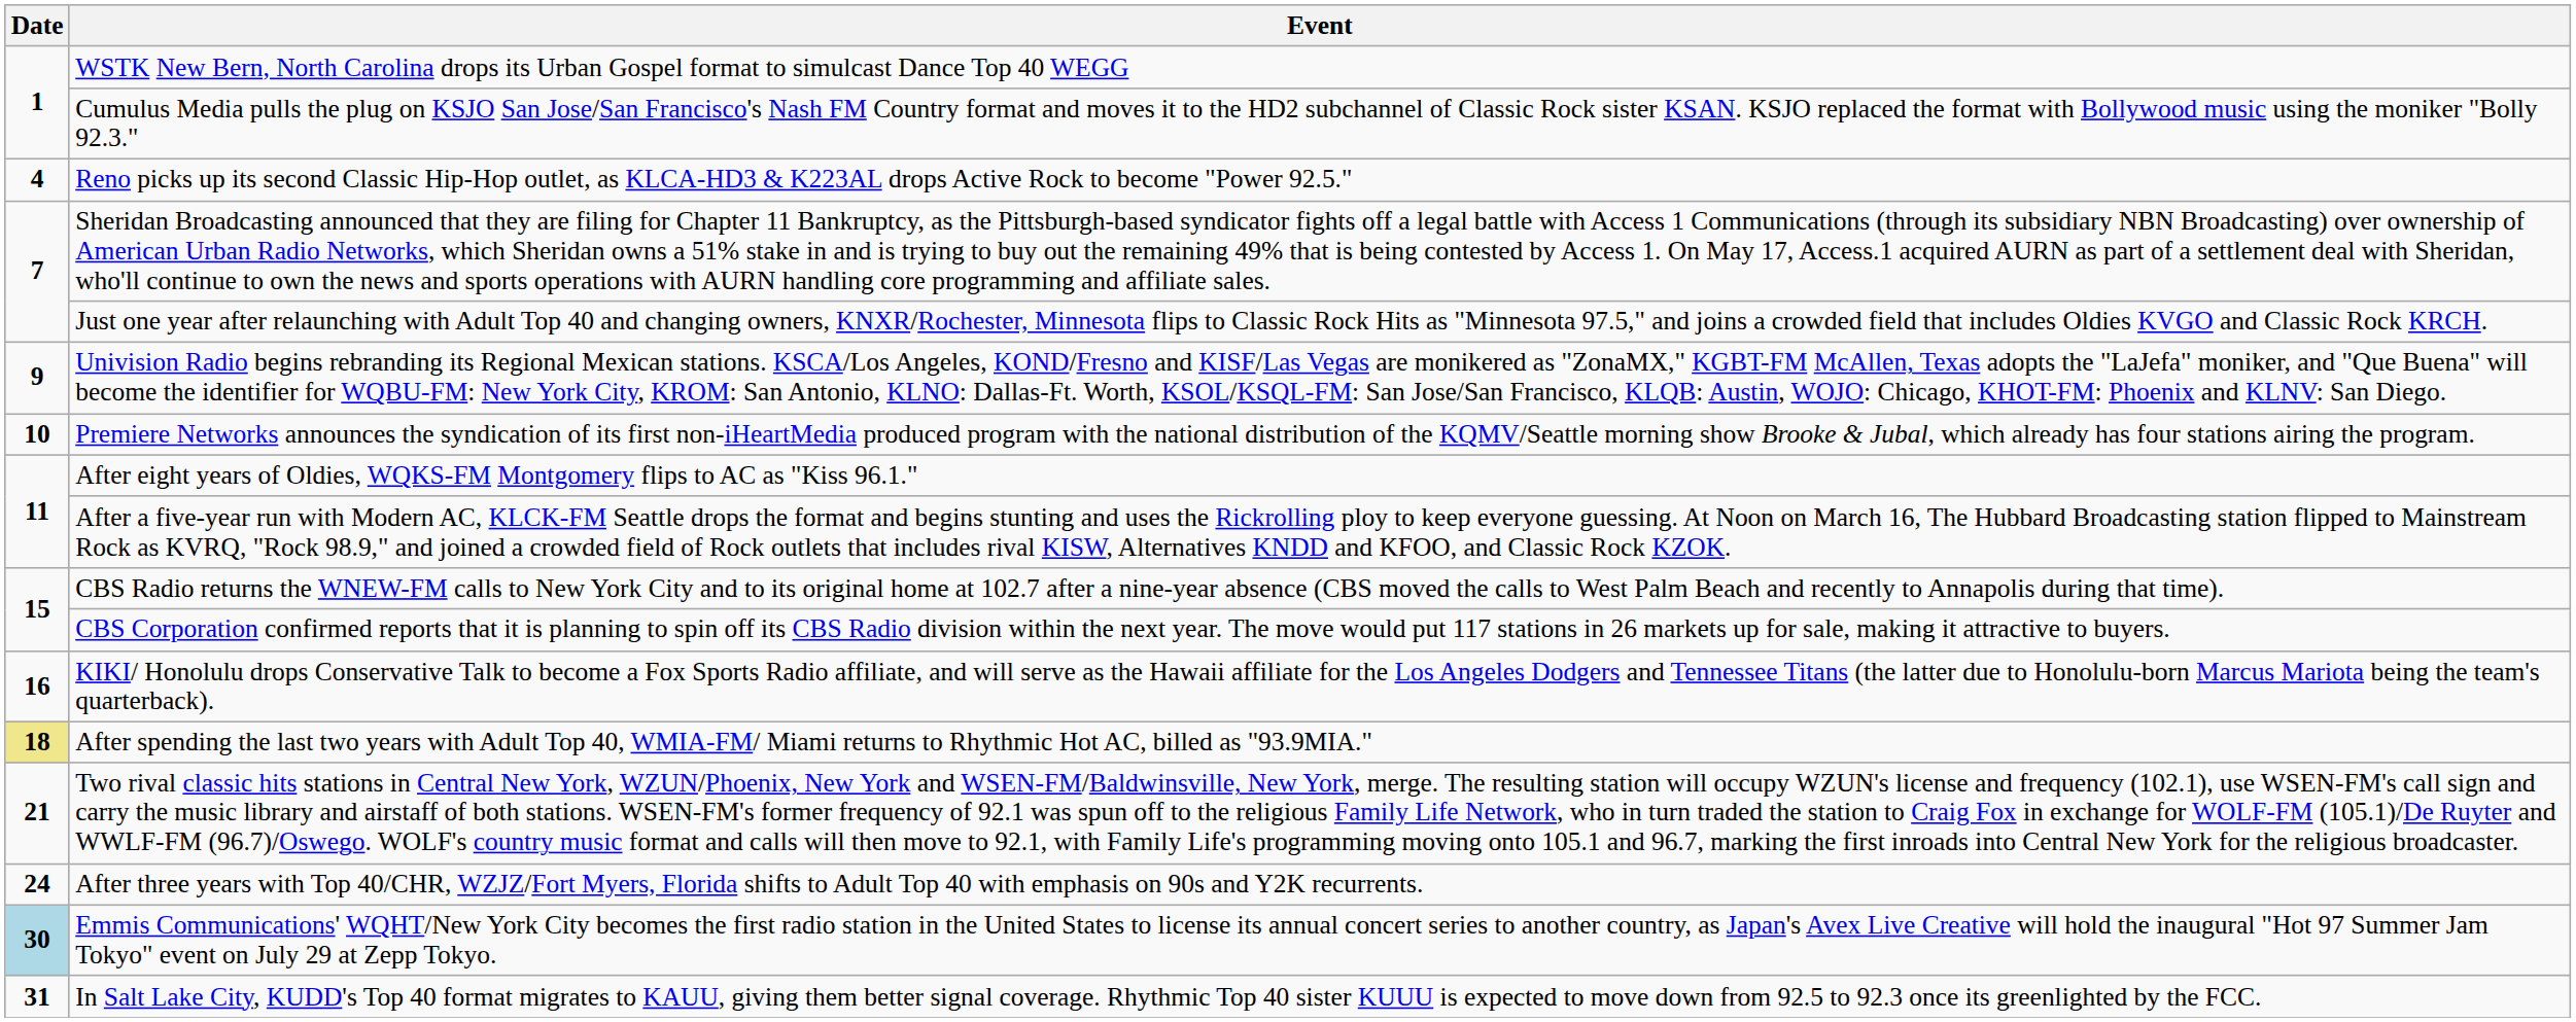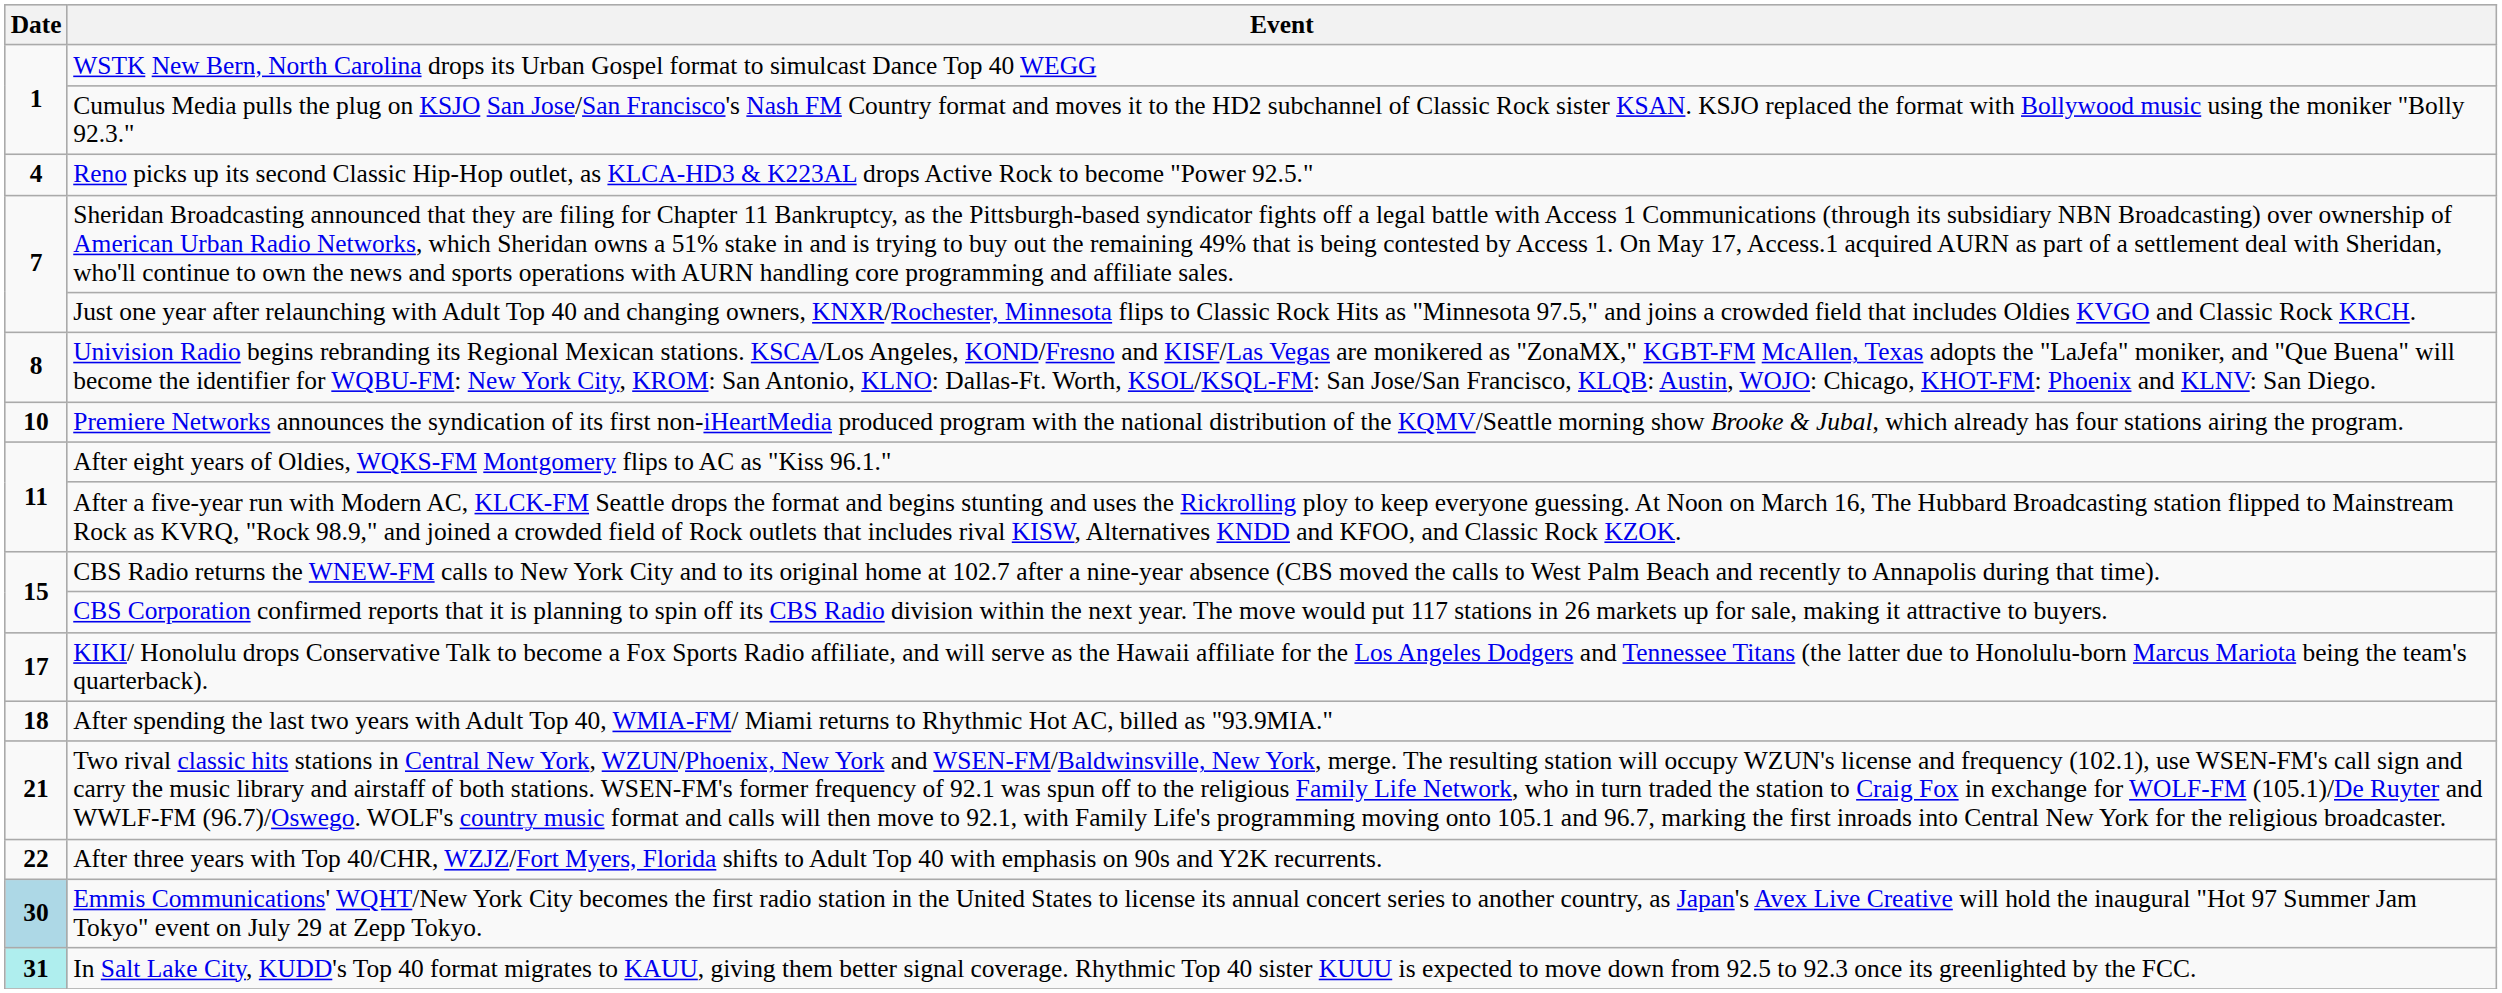 <table class="wikitable">
 <tr>
 <th>Date</th>
 <th>Event</th>
 </tr>
 <tr>
 <td style="text-align:center;" rowspan=2><strong>1</strong></td>
 <td><a href='#'>WSTK</a> <a href='#'>New Bern, North Carolina</a> drops its Urban Gospel format to simulcast Dance Top 40 <a href='#'>WEGG</a></td>
 </tr>
 <tr>
 <td>Cumulus Media pulls the plug on <a href='#'>KSJO</a> <a href='#'>San Jose</a>/<a href='#'>San Francisco</a>'s <a href='#'>Nash FM</a> Country format and moves it to the HD2 subchannel of Classic Rock sister <a href='#'>KSAN</a>. KSJO replaced the format with <a href='#'>Bollywood music</a> using the moniker "Bolly 92.3."</td>
 </tr>
 <tr>
 <td style="text-align:center;"><strong>4</strong></td>
 <td><a href='#'>Reno</a> picks up its second Classic Hip-Hop outlet, as <a href='#'>KLCA-HD3 & K223AL</a> drops Active Rock to become "Power 92.5."</td>
 </tr>
 <tr>
 <td style="text-align:center;" rowspan=2><strong>7</strong></td>
 <td>Sheridan Broadcasting announced that they are filing for Chapter 11 Bankruptcy, as the Pittsburgh-based syndicator fights off a legal battle with Access 1 Communications (through its subsidiary NBN Broadcasting) over ownership of <a href='#'>American Urban Radio Networks</a>, which Sheridan owns a 51% stake in and is trying to buy out the remaining 49% that is being contested by Access 1. On May 17, Access.1 acquired AURN as part of a settlement deal with Sheridan, who'll continue to own the news and sports operations with AURN handling core programming and affiliate sales.</td>
 </tr>
 <tr>
 <td>Just one year after relaunching with Adult Top 40 and changing owners, <a href='#'>KNXR</a>/<a href='#'>Rochester, Minnesota</a> flips to Classic Rock Hits as "Minnesota 97.5," and joins a crowded field that includes Oldies <a href='#'>KVGO</a> and Classic Rock <a href='#'>KRCH</a>.</td>
 </tr>
 <tr>
-<td style="text-align:center;"><strong>9</strong></td>
+<td style="text-align:center;"><strong>8</strong></td>
 <td><a href='#'>Univision Radio</a> begins rebranding its Regional Mexican stations. <a href='#'>KSCA</a>/Los Angeles, <a href='#'>KOND</a>/<a href='#'>Fresno</a> and <a href='#'>KISF</a>/<a href='#'>Las Vegas</a> are monikered as "ZonaMX," <a href='#'>KGBT-FM</a> <a href='#'>McAllen, Texas</a> adopts the "LaJefa" moniker, and "Que Buena" will become the identifier for <a href='#'>WQBU-FM</a>: <a href='#'>New York City</a>, <a href='#'>KROM</a>: San Antonio, <a href='#'>KLNO</a>: Dallas-Ft. Worth, <a href='#'>KSOL</a>/<a href='#'>KSQL-FM</a>: San Jose/San Francisco, <a href='#'>KLQB</a>: <a href='#'>Austin</a>, <a href='#'>WOJO</a>: Chicago, <a href='#'>KHOT-FM</a>: <a href='#'>Phoenix</a> and <a href='#'>KLNV</a>: San Diego.</td>
 </tr>
 <tr>
 <td style="text-align:center;"><strong>10</strong></td>
 <td><a href='#'>Premiere Networks</a> announces the syndication of its first non-<a href='#'>iHeartMedia</a> produced program with the national distribution of the <a href='#'>KQMV</a>/Seattle morning show <em>Brooke & Jubal</em>, which already has four stations airing the program.</td>
 </tr>
 <tr>
 <td style="text-align:center;" rowspan=2><strong>11</strong></td>
 <td>After eight years of Oldies, <a href='#'>WQKS-FM</a> <a href='#'>Montgomery</a> flips to AC as "Kiss 96.1."</td>
 </tr>
 <tr>
 <td>After a five-year run with Modern AC, <a href='#'>KLCK-FM</a> Seattle drops the format and begins stunting and uses the <a href='#'>Rickrolling</a> ploy to keep everyone guessing. At Noon on March 16, The Hubbard Broadcasting station flipped to Mainstream Rock as KVRQ, "Rock 98.9," and joined a crowded field of Rock outlets that includes rival <a href='#'>KISW</a>, Alternatives <a href='#'>KNDD</a> and KFOO, and Classic Rock <a href='#'>KZOK</a>.</td>
 </tr>
 <tr>
 <td style="text-align:center;" rowspan=2><strong>15</strong></td>
 <td>CBS Radio returns the <a href='#'>WNEW-FM</a> calls to New York City and to its original home at 102.7 after a nine-year absence (CBS moved the calls to West Palm Beach and recently to Annapolis during that time).</td>
 </tr>
 <tr>
 <td><a href='#'>CBS Corporation</a> confirmed reports that it is planning to spin off its <a href='#'>CBS Radio</a> division within the next year. The move would put 117 stations in 26 markets up for sale, making it attractive to buyers.</td>
 </tr>
 <tr>
-<td style="text-align:center;"><strong>16</strong></td>
+<td style="text-align:center;"><strong>17</strong></td>
 <td><a href='#'>KIKI</a>/ Honolulu drops Conservative Talk to become a Fox Sports Radio affiliate, and will serve as the Hawaii affiliate for the <a href='#'>Los Angeles Dodgers</a> and <a href='#'>Tennessee Titans</a> (the latter due to Honolulu-born <a href='#'>Marcus Mariota</a> being the team's quarterback).</td>
 </tr>
 <tr>
-<td style="background: khaki; text-align:center;"><strong>18</strong></td>
+<td style="text-align:center;"><strong>18</strong></td>
 <td>After spending the last two years with Adult Top 40, <a href='#'>WMIA-FM</a>/ Miami returns to Rhythmic Hot AC, billed as "93.9MIA."</td>
 </tr>
 <tr>
 <td style="text-align:center;"><strong>21</strong></td>
 <td>Two rival <a href='#'>classic hits</a> stations in <a href='#'>Central New York</a>, <a href='#'>WZUN</a>/<a href='#'>Phoenix, New York</a> and <a href='#'>WSEN-FM</a>/<a href='#'>Baldwinsville, New York</a>, merge. The resulting station will occupy WZUN's license and frequency (102.1), use WSEN-FM's call sign and carry the music library and airstaff of both stations. WSEN-FM's former frequency of 92.1 was spun off to the religious <a href='#'>Family Life Network</a>, who in turn traded the station to <a href='#'>Craig Fox</a> in exchange for <a href='#'>WOLF-FM</a> (105.1)/<a href='#'>De Ruyter</a> and WWLF-FM (96.7)/<a href='#'>Oswego</a>. WOLF's <a href='#'>country music</a> format and calls will then move to 92.1, with Family Life's programming moving onto 105.1 and 96.7, marking the first inroads into Central New York for the religious broadcaster.</td>
 </tr>
 <tr>
-<td style="text-align:center;"><strong>24</strong></td>
+<td style="text-align:center;"><strong>22</strong></td>
 <td>After three years with Top 40/CHR, <a href='#'>WZJZ</a>/<a href='#'>Fort Myers, Florida</a> shifts to Adult Top 40 with emphasis on 90s and Y2K recurrents.</td>
 </tr>
 <tr>
 <td style="background: lightblue; text-align:center;"><strong>30</strong></td>
 <td><a href='#'>Emmis Communications</a>' <a href='#'>WQHT</a>/New York City becomes the first radio station in the United States to license its annual concert series to another country, as <a href='#'>Japan</a>'s <a href='#'>Avex Live Creative</a> will hold the inaugural "Hot 97 Summer Jam Tokyo" event on July 29 at Zepp Tokyo.</td>
 </tr>
 <tr>
-<td style="text-align:center;"><strong>31</strong></td>
+<td style="background: paleturquoise; text-align:center;"><strong>31</strong></td>
 <td>In <a href='#'>Salt Lake City</a>, <a href='#'>KUDD</a>'s Top 40 format migrates to <a href='#'>KAUU</a>, giving them better signal coverage. Rhythmic Top 40 sister <a href='#'>KUUU</a> is expected to move down from 92.5 to 92.3 once its greenlighted by the FCC.</td>
 </tr>
 </table>
